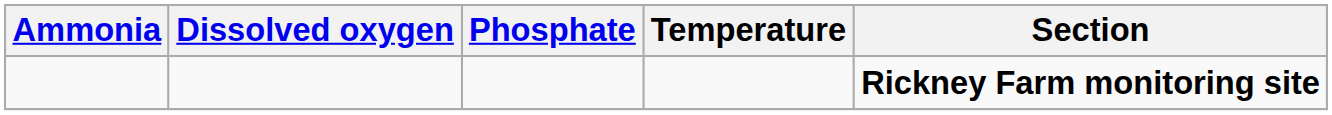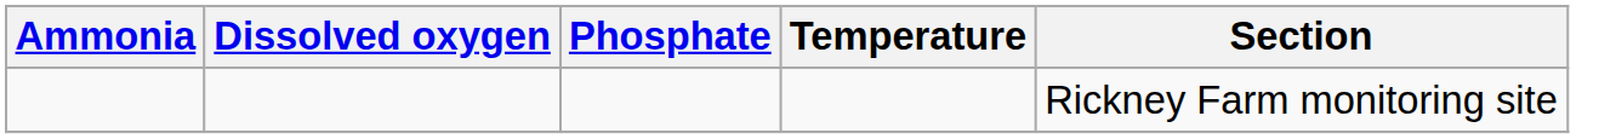 <table class="wikitable">
 <tr>
 <th><a href='#'>Ammonia</a></th>
 <th><a href='#'>Dissolved oxygen</a></th>
 <th><a href='#'>Phosphate</a></th>
 <th>Temperature</th>
 <th>Section</th>
 </tr>
 <tr Brook>
 <td></td>
 <td></td>
 <td></td>
 <td></td>
-<td><strong>Rickney Farm monitoring site</strong></td>
+<td>Rickney Farm monitoring site</td>
 </tr>
 <tr>
 </tr>
 </table>
